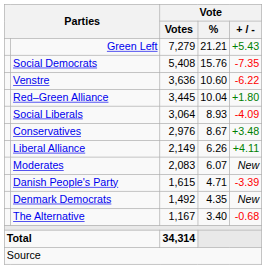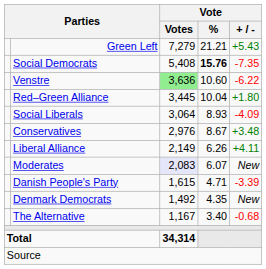 <table class="wikitable" style="text-align:right;">
 <tr>
 <th style="text-align:centre;" rowspan="2" colspan="2" width="225">Parties</th>
 <th colspan="3">Vote</th>
 </tr>
 <tr>
 <th width="15">Votes</th>
 <th width="15">%</th>
 <th width="15">+ / -</th>
 </tr>
 <tr>
 <td width=2 bgcolor=></td>
 <td><a href='#'>Green Left</a></td>
 <td>7,279</td>
 <td>21.21</td>
 <td style=color:green;>+5.43</td>
 </tr>
 <tr>
 <td width=2 bgcolor=></td>
 <td align=left><a href='#'>Social Democrats</a></td>
 <td>5,408</td>
-<td>15.76</td>
+<td><strong>15.76</strong></td>
 <td style=color:red;>-7.35</td>
 </tr>
 <tr>
 <td width=2 bgcolor=></td>
 <td align=left><a href='#'>Venstre</a></td>
-<td>3,636</td>
+<td style="background: lightgreen;">3,636</td>
 <td>10.60</td>
 <td style=color:red;>-6.22</td>
 </tr>
 <tr>
 <td width=2 bgcolor=></td>
 <td align=left><a href='#'>Red–Green Alliance</a></td>
 <td>3,445</td>
 <td>10.04</td>
 <td style=color:green;>+1.80</td>
 </tr>
 <tr>
 <td width=2 bgcolor=></td>
 <td align=left><a href='#'>Social Liberals</a></td>
 <td>3,064</td>
 <td>8.93</td>
 <td style=color:red;>-4.09</td>
 </tr>
 <tr>
 <td width=2 bgcolor=></td>
 <td align=left><a href='#'>Conservatives</a></td>
 <td>2,976</td>
 <td>8.67</td>
 <td style=color:green;>+3.48</td>
 </tr>
 <tr>
 <td width=2 bgcolor=></td>
 <td align=left><a href='#'>Liberal Alliance</a></td>
 <td>2,149</td>
 <td>6.26</td>
 <td style=color:green;>+4.11</td>
 </tr>
 <tr>
 <td width=2 bgcolor=></td>
 <td align=left><a href='#'>Moderates</a></td>
-<td>2,083</td>
+<td style="background: lavender;">2,083</td>
 <td>6.07</td>
 <td><em>New</em></td>
 </tr>
 <tr>
 <td width=2 bgcolor=></td>
 <td align=left><a href='#'>Danish People's Party</a></td>
 <td>1,615</td>
 <td>4.71</td>
 <td style=color:red;>-3.39</td>
 </tr>
 <tr>
 <td width=2 bgcolor=></td>
 <td align=left><a href='#'>Denmark Democrats</a></td>
 <td>1,492</td>
 <td>4.35</td>
 <td><em>New</em></td>
 </tr>
 <tr>
 <td width=2 bgcolor=></td>
 <td align=left><a href='#'>The Alternative</a></td>
 <td>1,167</td>
 <td>3.40</td>
 <td style=color:red;>-0.68</td>
 </tr>
 <tr>
 <td colspan="7" bgcolor="#E9E9E9"></td>
 </tr>
 <tr>
 <td align="left" colspan="2"><strong>Total</strong></td>
 <td><strong>34,314</strong></td>
 <td bgcolor=#E9E9E9 colspan=2></td>
 </tr>
 <tr>
 <td align="left" colspan="6">Source</td>
 </tr>
 </table>
